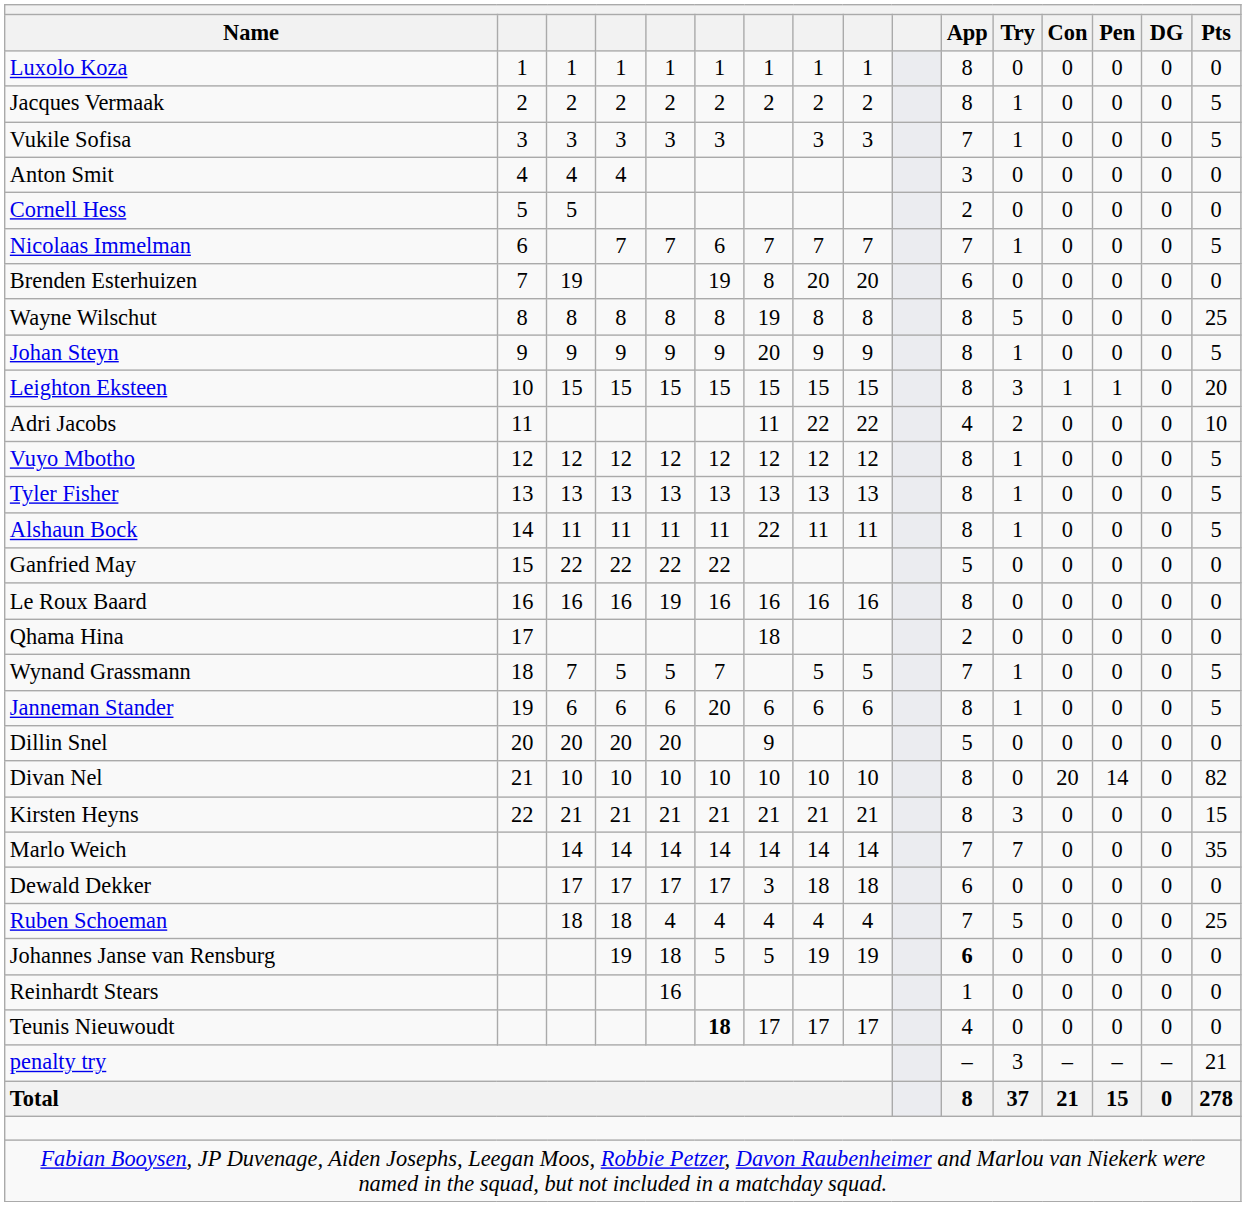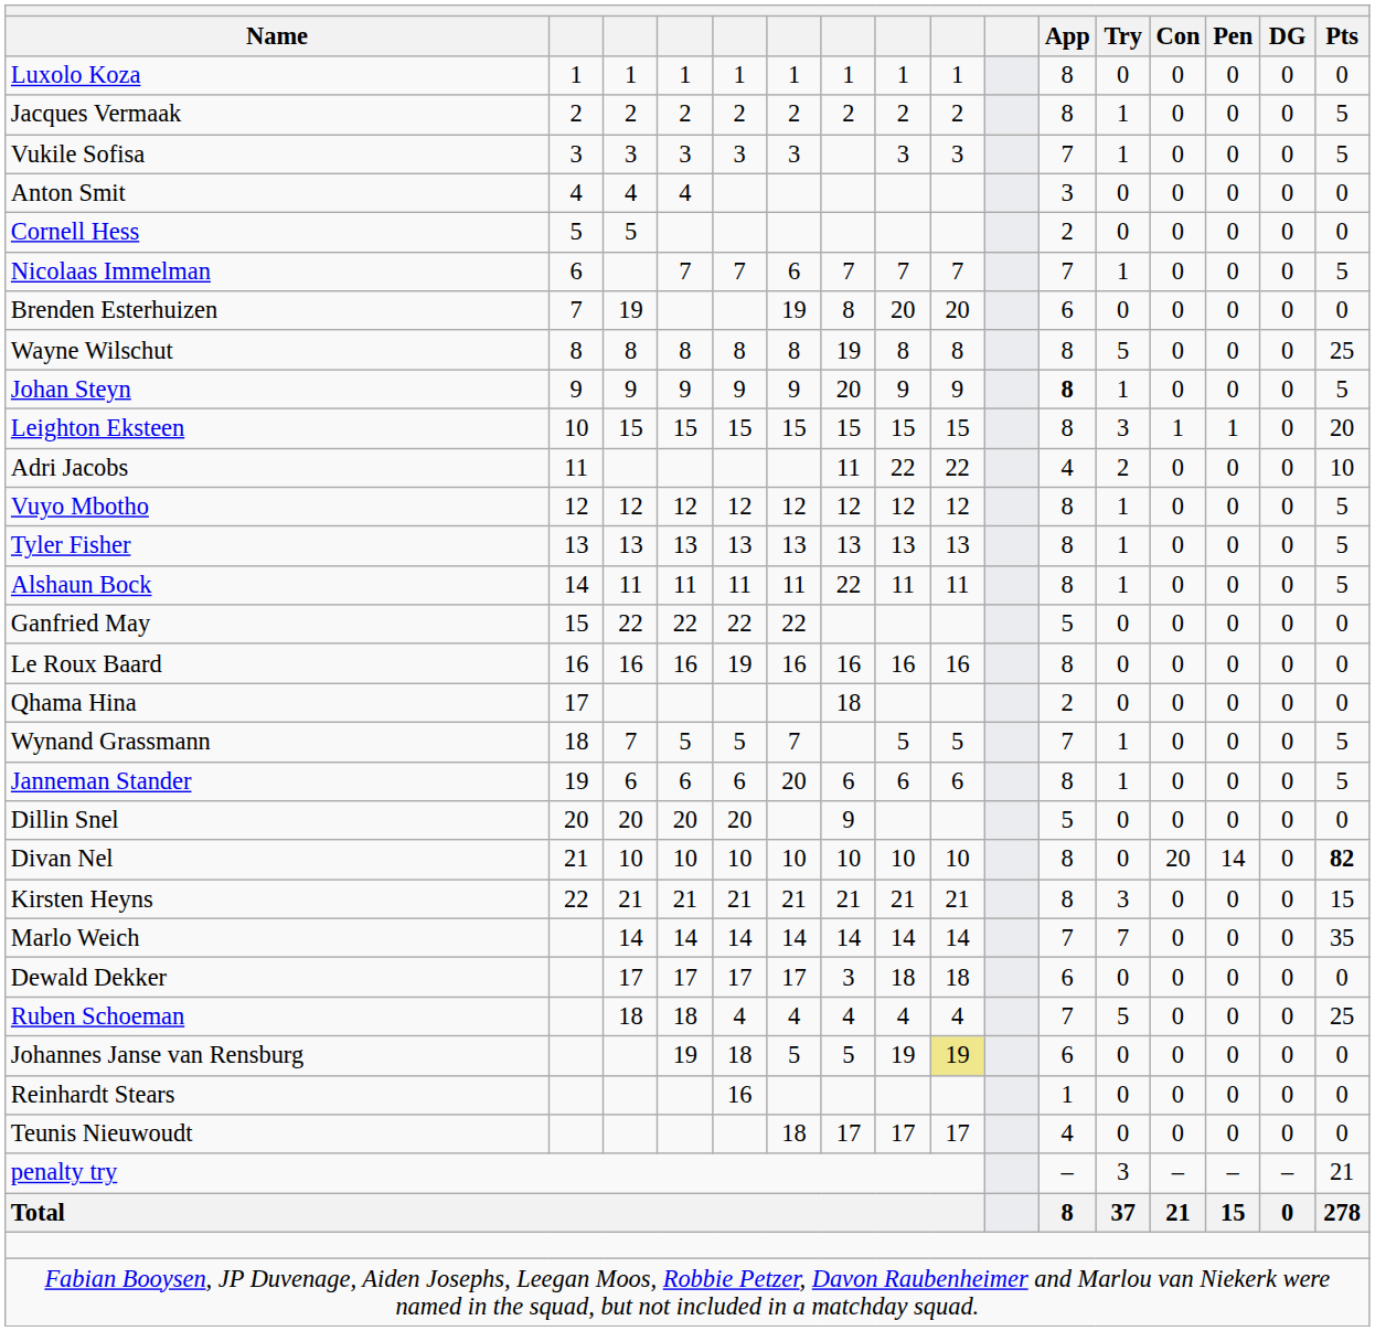 <table class="wikitable collapsible collapsed" style="text-align:center; font-size:100%; width:100%">
 <tr>
 <th colspan="100%"></th>
 </tr>
 <tr>
 <th style="width:40%;">Name</th>
 <th style="width:4%;"></th>
 <th style="width:4%;"></th>
 <th style="width:4%;"></th>
 <th style="width:4%;"></th>
 <th style="width:4%;"></th>
 <th style="width:4%;"></th>
 <th style="width:4%;"></th>
 <th style="width:4%;"></th>
 <th style="width:4%;"></th>
 <th style="width:4%;">App</th>
 <th style="width:4%;">Try</th>
 <th style="width:4%;">Con</th>
 <th style="width:4%;">Pen</th>
 <th style="width:4%;">DG</th>
 <th style="width:4%;">Pts</th>
 </tr>
 <tr>
 <td style="text-align:left;"><a href='#'>Luxolo Koza</a></td>
 <td>1</td>
 <td>1</td>
 <td>1</td>
 <td>1</td>
 <td>1</td>
 <td>1</td>
 <td>1</td>
 <td>1</td>
 <td style="background:#EBECF0;"></td>
 <td>8</td>
 <td>0</td>
 <td>0</td>
 <td>0</td>
 <td>0</td>
 <td>0</td>
 </tr>
 <tr>
 <td style="text-align:left;">Jacques Vermaak</td>
 <td>2</td>
 <td>2</td>
 <td>2</td>
 <td>2</td>
 <td>2</td>
 <td>2</td>
 <td>2</td>
 <td>2</td>
 <td style="background:#EBECF0;"></td>
 <td>8</td>
 <td>1</td>
 <td>0</td>
 <td>0</td>
 <td>0</td>
 <td>5</td>
 </tr>
 <tr>
 <td style="text-align:left;">Vukile Sofisa</td>
 <td>3</td>
 <td>3</td>
 <td>3</td>
 <td>3</td>
 <td>3</td>
 <td></td>
 <td>3</td>
 <td>3</td>
 <td style="background:#EBECF0;"></td>
 <td>7</td>
 <td>1</td>
 <td>0</td>
 <td>0</td>
 <td>0</td>
 <td>5</td>
 </tr>
 <tr>
 <td style="text-align:left;">Anton Smit</td>
 <td>4</td>
 <td>4</td>
 <td>4</td>
 <td></td>
 <td></td>
 <td></td>
 <td></td>
 <td></td>
 <td style="background:#EBECF0;"></td>
 <td>3</td>
 <td>0</td>
 <td>0</td>
 <td>0</td>
 <td>0</td>
 <td>0</td>
 </tr>
 <tr>
 <td style="text-align:left;"><a href='#'>Cornell Hess</a></td>
 <td>5</td>
 <td>5</td>
 <td></td>
 <td></td>
 <td></td>
 <td></td>
 <td></td>
 <td></td>
 <td style="background:#EBECF0;"></td>
 <td>2</td>
 <td>0</td>
 <td>0</td>
 <td>0</td>
 <td>0</td>
 <td>0</td>
 </tr>
 <tr>
 <td style="text-align:left;"><a href='#'>Nicolaas Immelman</a></td>
 <td>6</td>
 <td></td>
 <td>7</td>
 <td>7</td>
 <td>6</td>
 <td>7</td>
 <td>7</td>
 <td>7</td>
 <td style="background:#EBECF0;"></td>
 <td>7</td>
 <td>1</td>
 <td>0</td>
 <td>0</td>
 <td>0</td>
 <td>5</td>
 </tr>
 <tr>
 <td style="text-align:left;">Brenden Esterhuizen</td>
 <td>7</td>
 <td>19 </td>
 <td></td>
 <td></td>
 <td>19 </td>
 <td>8</td>
 <td>20 </td>
 <td>20 </td>
 <td style="background:#EBECF0;"></td>
 <td>6</td>
 <td>0</td>
 <td>0</td>
 <td>0</td>
 <td>0</td>
 <td>0</td>
 </tr>
 <tr>
 <td style="text-align:left;">Wayne Wilschut</td>
 <td>8</td>
 <td>8</td>
 <td>8</td>
 <td>8</td>
 <td>8</td>
 <td>19 </td>
 <td>8</td>
 <td>8</td>
 <td style="background:#EBECF0;"></td>
 <td>8</td>
 <td>5</td>
 <td>0</td>
 <td>0</td>
 <td>0</td>
 <td>25</td>
 </tr>
 <tr>
 <td style="text-align:left;"><a href='#'>Johan Steyn</a></td>
 <td>9</td>
 <td>9</td>
 <td>9</td>
 <td>9</td>
 <td>9</td>
 <td>20 </td>
 <td>9</td>
 <td>9</td>
 <td style="background:#EBECF0;"></td>
-<td>8</td>
+<td><strong>8</strong></td>
 <td>1</td>
 <td>0</td>
 <td>0</td>
 <td>0</td>
 <td>5</td>
 </tr>
 <tr>
 <td style="text-align:left;"><a href='#'>Leighton Eksteen</a></td>
 <td>10</td>
 <td>15</td>
 <td>15</td>
 <td>15</td>
 <td>15</td>
 <td>15</td>
 <td>15</td>
 <td>15</td>
 <td style="background:#EBECF0;"></td>
 <td>8</td>
 <td>3</td>
 <td>1</td>
 <td>1</td>
 <td>0</td>
 <td>20</td>
 </tr>
 <tr>
 <td style="text-align:left;">Adri Jacobs</td>
 <td>11</td>
 <td></td>
 <td></td>
 <td></td>
 <td></td>
 <td>11</td>
 <td>22 </td>
 <td>22 </td>
 <td style="background:#EBECF0;"></td>
 <td>4</td>
 <td>2</td>
 <td>0</td>
 <td>0</td>
 <td>0</td>
 <td>10</td>
 </tr>
 <tr>
 <td style="text-align:left;"><a href='#'>Vuyo Mbotho</a></td>
 <td>12</td>
 <td>12</td>
 <td>12</td>
 <td>12</td>
 <td>12</td>
 <td>12</td>
 <td>12</td>
 <td>12</td>
 <td style="background:#EBECF0;"></td>
 <td>8</td>
 <td>1</td>
 <td>0</td>
 <td>0</td>
 <td>0</td>
 <td>5</td>
 </tr>
 <tr>
 <td style="text-align:left;"><a href='#'>Tyler Fisher</a></td>
 <td>13</td>
 <td>13</td>
 <td>13</td>
 <td>13</td>
 <td>13</td>
 <td>13</td>
 <td>13</td>
 <td>13</td>
 <td style="background:#EBECF0;"></td>
 <td>8</td>
 <td>1</td>
 <td>0</td>
 <td>0</td>
 <td>0</td>
 <td>5</td>
 </tr>
 <tr>
 <td style="text-align:left;"><a href='#'>Alshaun Bock</a></td>
 <td>14</td>
 <td>11</td>
 <td>11</td>
 <td>11</td>
 <td>11</td>
 <td>22 </td>
 <td>11</td>
 <td>11</td>
 <td style="background:#EBECF0;"></td>
 <td>8</td>
 <td>1</td>
 <td>0</td>
 <td>0</td>
 <td>0</td>
 <td>5</td>
 </tr>
 <tr>
 <td style="text-align:left;">Ganfried May</td>
 <td>15</td>
 <td>22 </td>
 <td>22 </td>
 <td>22 </td>
 <td>22 </td>
 <td></td>
 <td></td>
 <td></td>
 <td style="background:#EBECF0;"></td>
 <td>5</td>
 <td>0</td>
 <td>0</td>
 <td>0</td>
 <td>0</td>
 <td>0</td>
 </tr>
 <tr>
 <td style="text-align:left;">Le Roux Baard</td>
 <td>16 </td>
 <td>16 </td>
 <td>16 </td>
 <td>19 </td>
 <td>16 </td>
 <td>16 </td>
 <td>16 </td>
 <td>16 </td>
 <td style="background:#EBECF0;"></td>
 <td>8</td>
 <td>0</td>
 <td>0</td>
 <td>0</td>
 <td>0</td>
 <td>0</td>
 </tr>
 <tr>
 <td style="text-align:left;">Qhama Hina</td>
 <td>17 </td>
 <td></td>
 <td></td>
 <td></td>
 <td></td>
 <td>18 </td>
 <td></td>
 <td></td>
 <td style="background:#EBECF0;"></td>
 <td>2</td>
 <td>0</td>
 <td>0</td>
 <td>0</td>
 <td>0</td>
 <td>0</td>
 </tr>
 <tr>
 <td style="text-align:left;">Wynand Grassmann</td>
 <td>18 </td>
 <td>7</td>
 <td>5</td>
 <td>5</td>
 <td>7</td>
 <td></td>
 <td>5</td>
 <td>5</td>
 <td style="background:#EBECF0;"></td>
 <td>7</td>
 <td>1</td>
 <td>0</td>
 <td>0</td>
 <td>0</td>
 <td>5</td>
 </tr>
 <tr>
 <td style="text-align:left;"><a href='#'>Janneman Stander</a></td>
 <td>19 </td>
 <td>6</td>
 <td>6</td>
 <td>6</td>
 <td>20 </td>
 <td>6</td>
 <td>6</td>
 <td>6</td>
 <td style="background:#EBECF0;"></td>
 <td>8</td>
 <td>1</td>
 <td>0</td>
 <td>0</td>
 <td>0</td>
 <td>5</td>
 </tr>
 <tr>
 <td style="text-align:left;">Dillin Snel</td>
 <td>20 </td>
 <td>20 </td>
 <td>20 </td>
 <td>20 </td>
 <td></td>
 <td>9</td>
 <td></td>
 <td></td>
 <td style="background:#EBECF0;"></td>
 <td>5</td>
 <td>0</td>
 <td>0</td>
 <td>0</td>
 <td>0</td>
 <td>0</td>
 </tr>
 <tr>
 <td style="text-align:left;">Divan Nel</td>
 <td>21 </td>
 <td>10</td>
 <td>10</td>
 <td>10</td>
 <td>10</td>
 <td>10</td>
 <td>10</td>
 <td>10</td>
 <td style="background:#EBECF0;"></td>
 <td>8</td>
 <td>0</td>
 <td>20</td>
 <td>14</td>
 <td>0</td>
-<td>82</td>
+<td><strong>82</strong></td>
 </tr>
 <tr>
 <td style="text-align:left;">Kirsten Heyns</td>
 <td>22 </td>
 <td>21 </td>
 <td>21 </td>
 <td>21 </td>
 <td>21 </td>
 <td>21 </td>
 <td>21 </td>
 <td>21 </td>
 <td style="background:#EBECF0;"></td>
 <td>8</td>
 <td>3</td>
 <td>0</td>
 <td>0</td>
 <td>0</td>
 <td>15</td>
 </tr>
 <tr>
 <td style="text-align:left;">Marlo Weich</td>
 <td></td>
 <td>14</td>
 <td>14</td>
 <td>14</td>
 <td>14</td>
 <td>14</td>
 <td>14</td>
 <td>14</td>
 <td style="background:#EBECF0;"></td>
 <td>7</td>
 <td>7</td>
 <td>0</td>
 <td>0</td>
 <td>0</td>
 <td>35</td>
 </tr>
 <tr>
 <td style="text-align:left;">Dewald Dekker</td>
 <td></td>
 <td>17 </td>
 <td>17 </td>
 <td>17</td>
 <td>17 </td>
 <td>3</td>
 <td>18 </td>
 <td>18 </td>
 <td style="background:#EBECF0;"></td>
 <td>6</td>
 <td>0</td>
 <td>0</td>
 <td>0</td>
 <td>0</td>
 <td>0</td>
 </tr>
 <tr>
 <td style="text-align:left;"><a href='#'>Ruben Schoeman</a></td>
 <td></td>
 <td>18 </td>
 <td>18 </td>
 <td>4</td>
 <td>4</td>
 <td>4</td>
 <td>4</td>
 <td>4</td>
 <td style="background:#EBECF0;"></td>
 <td>7</td>
 <td>5</td>
 <td>0</td>
 <td>0</td>
 <td>0</td>
 <td>25</td>
 </tr>
 <tr>
 <td style="text-align:left;">Johannes Janse van Rensburg</td>
 <td></td>
 <td></td>
 <td>19 </td>
 <td>18 </td>
 <td>5</td>
 <td>5</td>
 <td>19 </td>
-<td>19 </td>
+<td style="background: khaki;">19 </td>
 <td style="background:#EBECF0;"></td>
-<td><strong>6</strong></td>
+<td>6</td>
 <td>0</td>
 <td>0</td>
 <td>0</td>
 <td>0</td>
 <td>0</td>
 </tr>
 <tr>
 <td style="text-align:left;">Reinhardt Stears</td>
 <td></td>
 <td></td>
 <td></td>
 <td>16 </td>
 <td></td>
 <td></td>
 <td></td>
 <td></td>
 <td style="background:#EBECF0;"></td>
 <td>1</td>
 <td>0</td>
 <td>0</td>
 <td>0</td>
 <td>0</td>
 <td>0</td>
 </tr>
 <tr>
 <td style="text-align:left;">Teunis Nieuwoudt</td>
 <td></td>
 <td></td>
 <td></td>
 <td></td>
-<td><strong>18 </strong></td>
+<td>18 </td>
 <td>17 </td>
 <td>17 </td>
 <td>17 </td>
 <td style="background:#EBECF0;"></td>
 <td>4</td>
 <td>0</td>
 <td>0</td>
 <td>0</td>
 <td>0</td>
 <td>0</td>
 </tr>
 <tr>
 <td colspan="9" style="text-align:left;"><a href='#'>penalty try</a></td>
 <td style="background:#EBECF0;"></td>
 <td>–</td>
 <td>3</td>
 <td>–</td>
 <td>–</td>
 <td>–</td>
 <td>21</td>
 </tr>
 <tr>
 <th colspan="9" style="text-align:left;">Total</th>
 <th style="background:#EBECF0;"></th>
 <th>8</th>
 <th>37</th>
 <th>21</th>
 <th>15</th>
 <th>0</th>
 <th>278</th>
 </tr>
 <tr class="sortbottom">
 <td colspan="100%" style="height: 10px;"></td>
 </tr>
 <tr class="sortbottom">
 <td colspan="100%" style="text-align:center;"><em><a href='#'>Fabian Booysen</a>, JP Duvenage, Aiden Josephs, Leegan Moos, <a href='#'>Robbie Petzer</a>, <a href='#'>Davon Raubenheimer</a> and Marlou van Niekerk were named in the squad, but not included in a matchday squad.</em></td>
 </tr>
 </table>
